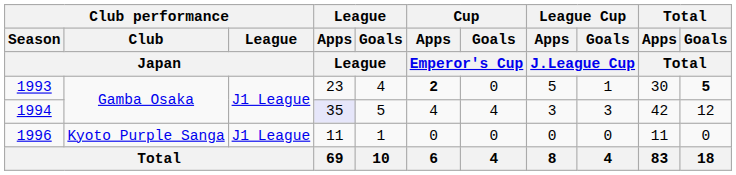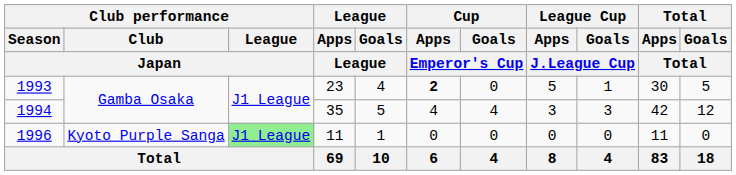 <table class="wikitable" style="text-align:center;">
 <tr>
 <th colspan=3>Club performance</th>
 <th colspan=2>League</th>
 <th colspan=2>Cup</th>
 <th colspan=2>League Cup</th>
 <th colspan=2>Total</th>
 </tr>
 <tr>
 <th>Season</th>
 <th>Club</th>
 <th>League</th>
 <th>Apps</th>
 <th>Goals</th>
 <th>Apps</th>
 <th>Goals</th>
 <th>Apps</th>
 <th>Goals</th>
 <th>Apps</th>
 <th>Goals</th>
 </tr>
 <tr>
 <th colspan=3>Japan</th>
 <th colspan=2>League</th>
 <th colspan=2><a href='#'>Emperor's Cup</a></th>
 <th colspan=2><a href='#'>J.League Cup</a></th>
 <th colspan=2>Total</th>
 </tr>
 <tr>
 <td><a href='#'>1993</a></td>
 <td rowspan="2"><a href='#'>Gamba Osaka</a></td>
 <td rowspan="2"><a href='#'>J1 League</a></td>
 <td>23</td>
 <td>4</td>
 <td><strong>2</strong></td>
 <td>0</td>
 <td>5</td>
 <td>1</td>
 <td>30</td>
-<td><strong>5</strong></td>
+<td>5</td>
 </tr>
 <tr>
 <td><a href='#'>1994</a></td>
-<td style="background: lavender;">35</td>
+<td>35</td>
 <td>5</td>
 <td>4</td>
 <td>4</td>
 <td>3</td>
 <td>3</td>
 <td>42</td>
 <td>12</td>
 </tr>
 <tr>
 <td><a href='#'>1996</a></td>
 <td><a href='#'>Kyoto Purple Sanga</a></td>
-<td><a href='#'>J1 League</a></td>
+<td style="background: lightgreen;"><a href='#'>J1 League</a></td>
 <td>11</td>
 <td>1</td>
 <td>0</td>
 <td>0</td>
 <td>0</td>
 <td>0</td>
 <td>11</td>
 <td>0</td>
 </tr>
 <tr>
 <th colspan=3>Total</th>
 <th>69</th>
 <th>10</th>
 <th>6</th>
 <th>4</th>
 <th>8</th>
 <th>4</th>
 <th>83</th>
 <th>18</th>
 </tr>
 </table>
